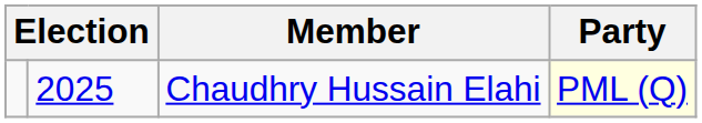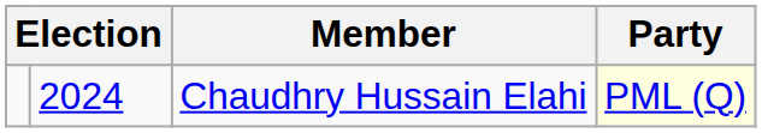 <table class="wikitable">
 <tr>
 <th colspan="2">Election</th>
 <th>Member</th>
 <th>Party</th>
 </tr>
 <tr>
 <td style="background-color: "></td>
-<td><a href='#'>2025</a></td>
+<td><a href='#'>2024</a></td>
 <td><a href='#'>Chaudhry Hussain Elahi</a></td>
 <td style="background: lightyellow;"><a href='#'>PML (Q)</a></td>
 </tr>
 </table>
